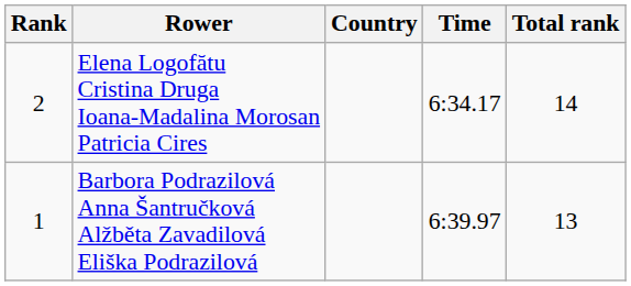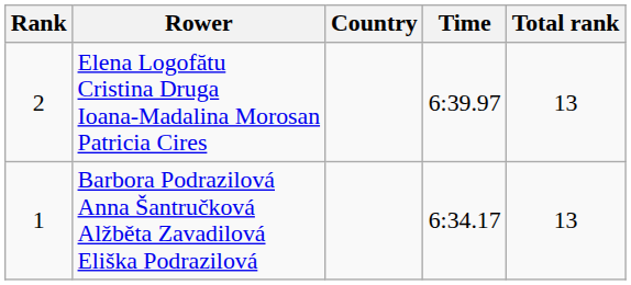 <table class="wikitable" style="text-align:center">
 <tr>
 <th>Rank</th>
 <th>Rower</th>
 <th>Country</th>
 <th>Time</th>
 <th>Total rank</th>
 </tr>
 <tr>
 <td>2</td>
 <td align="left"><a href='#'>Elena Logofătu</a><br><a href='#'>Cristina Druga</a><br><a href='#'>Ioana-Madalina Morosan</a><br><a href='#'>Patricia Cires</a></td>
 <td align="left"></td>
-<td>6:34.17</td>
-<td>14</td>
+<td>6:39.97</td>
+<td>13</td>
 </tr>
 <tr>
 <td>1</td>
 <td align="left"><a href='#'>Barbora Podrazilová</a><br><a href='#'>Anna Šantručková</a><br><a href='#'>Alžběta Zavadilová</a><br><a href='#'>Eliška Podrazilová</a></td>
 <td align="left"></td>
-<td>6:39.97</td>
+<td>6:34.17</td>
 <td>13</td>
 </tr>
 </table>
